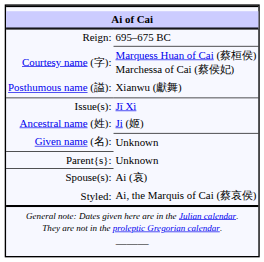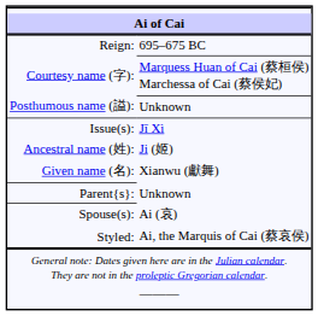 <table cellpadding=3px cellspacing=0px bgcolor=#f7f8ff style="float:right; border:2px solid; margin:5px">
 <tr>
 <td colspan=2 align=center style="border-top:2px solid"></td>
 </tr>
 <tr>
 <th align=center style="background:#ccf; border-bottom:2px solid" colspan=2>Ai of Cai</th>
 </tr>
 <tr>
 <td align=right style="border-top:1px solid">Reign:</td>
 <td style="border-top:1px solid">695–675 BC</td>
 </tr>
 <tr>
 <td align="right"><a href='#'>Courtesy name</a> (字):</td>
 <td style="border-top:1px solid"><a href='#'>Marquess Huan of Cai</a> (蔡桓侯) <br> Marchessa of Cai (蔡侯妃)</td>
 </tr>
 <tr>
 <td align="right" nowrap="nowrap"><a href='#'>Posthumous name</a> (謚):</td>
-<td>Xianwu (獻舞)</td>
+<td style="border-top:1px solid">Unknown</td>
 </tr>
 <tr>
 <td align=right style="border-top:1px solid">Issue(s):</td>
 <td style="border-top:1px solid"><a href='#'>Jī Xì</a></td>
 </tr>
 <tr>
 <td align="right"><a href='#'>Ancestral name</a> (姓):</td>
 <td><a href='#'>Ji</a> (姬)</td>
 </tr>
 <tr>
 <td align="right"><a href='#'>Given name</a> (名):</td>
-<td style="border-top:1px solid">Unknown</td>
+<td>Xianwu (獻舞)</td>
 </tr>
 <tr>
 <td align=right style="border-top:1px solid">Parent{s}:</td>
 <td>Unknown</td>
 </tr>
 <tr>
 <td align=right style="border-top:1px solid">Spouse(s):</td>
 <td>Ai (哀)</td>
 </tr>
 <tr>
 <td align="right">Styled:</td>
 <td>Ai, the Marquis of Cai (蔡哀侯)</td>
 </tr>
 <tr>
 <td colspan=2 align=center style="border-top:3px solid"><small><em>General note: Dates given here are in the <a href='#'>Julian calendar</a></em>.<br><em>They are not in the <a href='#'>proleptic Gregorian calendar</a></em>.</small></td>
 </tr>
 <tr>
 <td colspan=2 align=center>———</td>
 </tr>
 <tr>
 <td></td>
 </tr>
 <tr>
 </tr>
 </table>
